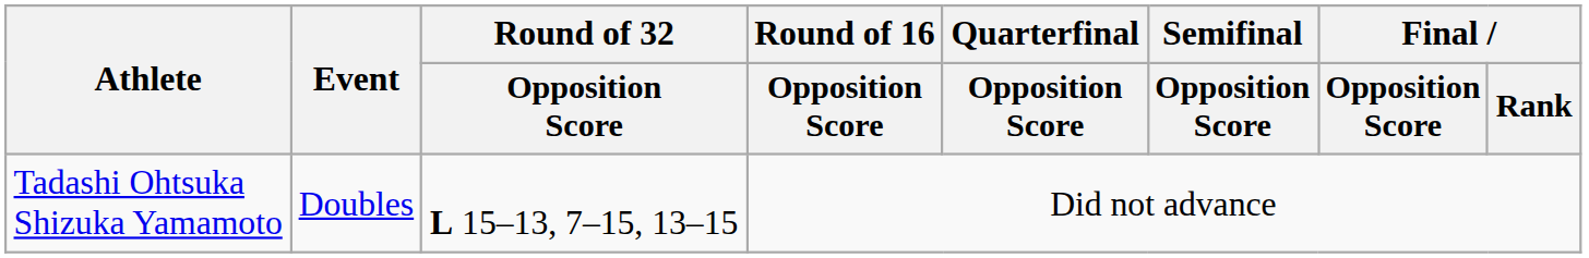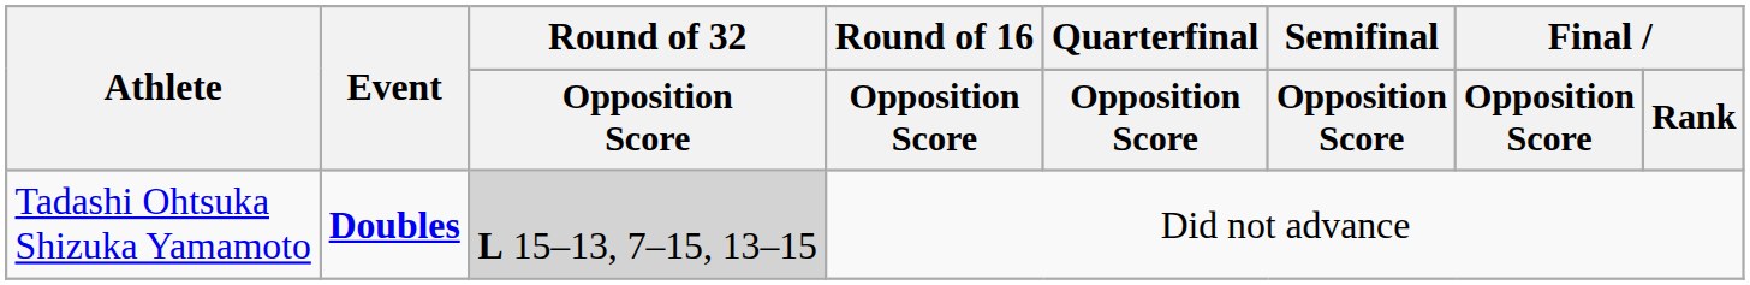 <table class=wikitable style="font-size:90%">
 <tr>
 <th rowspan="2">Athlete</th>
 <th rowspan="2">Event</th>
 <th>Round of 32</th>
 <th>Round of 16</th>
 <th>Quarterfinal</th>
 <th>Semifinal</th>
 <th colspan=2>Final / </th>
 </tr>
 <tr style="font-size:95%">
 <th>Opposition<br>Score</th>
 <th>Opposition<br>Score</th>
 <th>Opposition<br>Score</th>
 <th>Opposition<br>Score</th>
 <th>Opposition<br>Score</th>
 <th>Rank</th>
 </tr>
 <tr align=center>
 <td align=left><a href='#'>Tadashi Ohtsuka</a><br><a href='#'>Shizuka Yamamoto</a></td>
-<td align=left><a href='#'>Doubles</a></td>
-<td><br><strong>L</strong> 15–13, 7–15, 13–15</td>
+<td align=left><strong><a href='#'>Doubles</a></strong></td>
+<td style="background: lightgrey;"><br><strong>L</strong> 15–13, 7–15, 13–15</td>
 <td colspan=5>Did not advance</td>
 </tr>
 </table>
